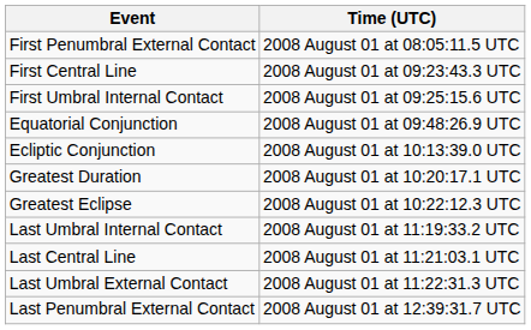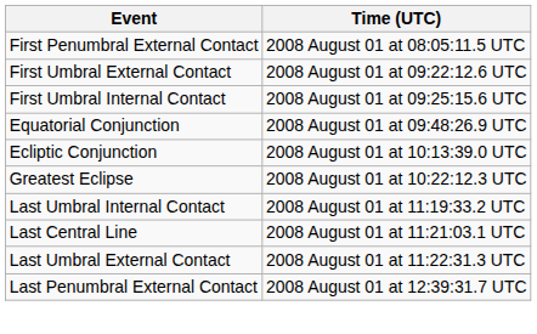 <table class="wikitable">
 <tr>
 <th>Event</th>
 <th>Time (UTC)</th>
 </tr>
 <tr>
 <td>First Penumbral External Contact</td>
 <td>2008 August 01 at 08:05:11.5 UTC</td>
 </tr>
 <tr>
-<td>First Central Line</td>
-<td>2008 August 01 at 09:23:43.3 UTC</td>
+<td>First Umbral External Contact</td>
+<td>2008 August 01 at 09:22:12.6 UTC</td>
 </tr>
 <tr>
 <td>First Umbral Internal Contact</td>
 <td>2008 August 01 at 09:25:15.6 UTC</td>
 </tr>
 <tr>
 <td>Equatorial Conjunction</td>
 <td>2008 August 01 at 09:48:26.9 UTC</td>
 </tr>
 <tr>
 <td>Ecliptic Conjunction</td>
 <td>2008 August 01 at 10:13:39.0 UTC</td>
-</tr>
-<tr>
-<td>Greatest Duration</td>
-<td>2008 August 01 at 10:20:17.1 UTC</td>
 </tr>
 <tr>
 <td>Greatest Eclipse</td>
 <td>2008 August 01 at 10:22:12.3 UTC</td>
 </tr>
 <tr>
 <td>Last Umbral Internal Contact</td>
 <td>2008 August 01 at 11:19:33.2 UTC</td>
 </tr>
 <tr>
 <td>Last Central Line</td>
 <td>2008 August 01 at 11:21:03.1 UTC</td>
 </tr>
 <tr>
 <td>Last Umbral External Contact</td>
 <td>2008 August 01 at 11:22:31.3 UTC</td>
 </tr>
 <tr>
 <td>Last Penumbral External Contact</td>
 <td>2008 August 01 at 12:39:31.7 UTC</td>
 </tr>
 </table>
